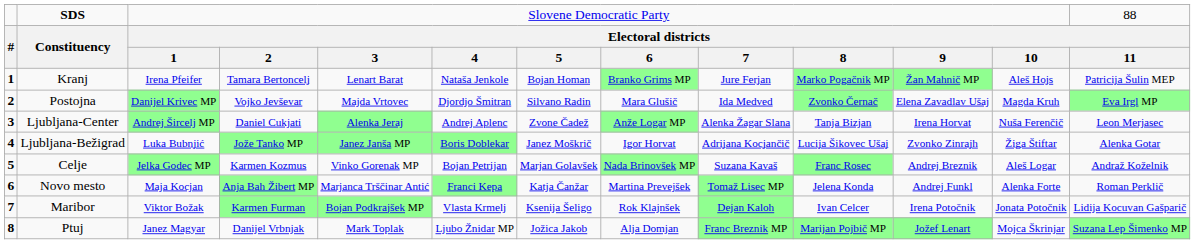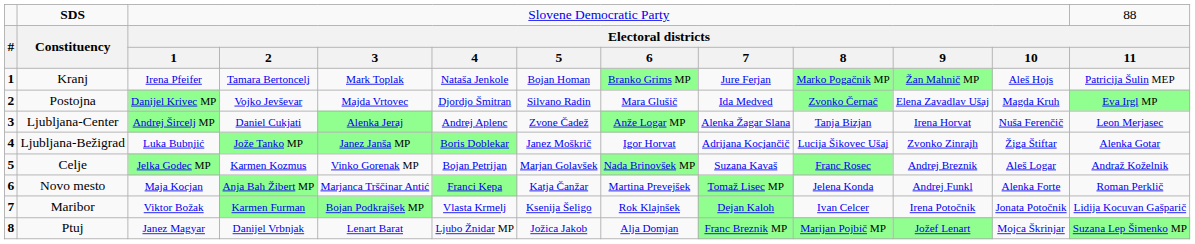 <table class="wikitable" style="text-align: center;">
 <tr>
 <td style="background:"></td>
 <td><strong>SDS</strong></td>
 <td colspan="10"><a href='#'>Slovene Democratic Party</a><br></td>
 <td>88<br></td>
 </tr>
 <tr>
 <th rowspan="2">#</th>
 <th rowspan="2">Constituency</th>
 <th colspan="11">Electoral districts</th>
 </tr>
 <tr>
 <th>1</th>
 <th>2</th>
 <th>3</th>
 <th>4</th>
 <th>5</th>
 <th>6</th>
 <th>7</th>
 <th>8</th>
 <th>9</th>
 <th>10</th>
 <th>11</th>
 </tr>
 <tr>
 <td style="text-align:center;"><strong>1</strong></td>
 <td>Kranj</td>
 <td><a href='#'><small>Irena Pfeifer</small></a></td>
 <td><a href='#'><small>Tamara Bertoncelj</small></a></td>
-<td><a href='#'><small>Lenart Barat</small></a></td>
+<td><a href='#'><small>Mark Toplak</small></a></td>
 <td><a href='#'><small>Nataša Jenkole</small></a></td>
 <td><a href='#'><small>Bojan Homan</small></a></td>
 <td style="background:#90FF90;"><small><a href='#'>Branko Grims</a> MP</small></td>
 <td><a href='#'><small>Jure Ferjan</small></a></td>
 <td style="background:#90FF90;"><small><a href='#'>Marko Pogačnik</a> MP</small></td>
 <td style="background:#90FF90;"><small><a href='#'>Žan Mahnič</a> MP</small></td>
 <td><a href='#'><small>Aleš Hojs</small></a></td>
 <td><small><a href='#'>Patricija Šulin</a> MEP</small></td>
 </tr>
 <tr>
 <td style="text-align:center;"><strong>2</strong></td>
 <td>Postojna</td>
 <td style="background:#90FF90;"><small><a href='#'>Danijel Krivec</a> MP</small></td>
 <td><a href='#'><small>Vojko Jevševar</small></a></td>
 <td><a href='#'><small>Majda Vrtovec</small></a></td>
 <td><a href='#'><small>Djordjo Šmitran</small></a></td>
 <td><a href='#'><small>Silvano Radin</small></a></td>
 <td><a href='#'><small>Mara Glušič</small></a></td>
 <td><a href='#'><small>Ida Medved</small></a></td>
 <td style="background:#90FF90;"><a href='#'><small>Zvonko Černač</small></a></td>
 <td><a href='#'><small>Elena Zavadlav Ušaj</small></a></td>
 <td><a href='#'><small>Magda Kruh</small></a></td>
 <td style="background:#90FF90;"><small><a href='#'>Eva Irgl</a> MP</small></td>
 </tr>
 <tr>
 <td style="text-align:center;"><strong>3</strong></td>
 <td>Ljubljana-Center</td>
 <td style="background:#90FF90;"><small><a href='#'>Andrej Šircelj</a> MP</small></td>
 <td><a href='#'><small>Daniel Cukjati</small></a></td>
 <td style="background:#90FF90;"><a href='#'><small>Alenka Jeraj</small></a></td>
 <td><a href='#'><small>Andrej Aplenc</small></a></td>
 <td><a href='#'><small>Zvone Čadež</small></a></td>
 <td style="background:#90FF90;"><small><a href='#'>Anže Logar</a> MP</small></td>
 <td><a href='#'><small>Alenka Žagar Slana</small></a></td>
 <td><a href='#'><small>Tanja Bizjan</small></a></td>
 <td><a href='#'><small>Irena Horvat</small></a></td>
 <td><a href='#'><small>Nuša Ferenčič</small></a></td>
 <td><a href='#'><small>Leon Merjasec</small></a></td>
 </tr>
 <tr>
 <td style="text-align:center;"><strong>4</strong></td>
 <td>Ljubljana-Bežigrad</td>
 <td><a href='#'><small>Luka Bubnjić</small></a></td>
 <td style="background:#90FF90;"><small><a href='#'>Jože Tanko</a> MP</small></td>
 <td style="background:#90FF90;"><small><a href='#'>Janez Janša</a> MP</small></td>
 <td style="background:#90FF90;"><a href='#'><small>Boris Doblekar</small></a></td>
 <td><a href='#'><small>Janez Moškrič</small></a></td>
 <td><a href='#'><small>Igor Horvat</small></a></td>
 <td><a href='#'><small>Adrijana Kocjančič</small></a></td>
 <td><a href='#'><small>Lucija Šikovec Ušaj</small></a></td>
 <td><a href='#'><small>Zvonko Zinrajh</small></a></td>
 <td><a href='#'><small>Žiga Štiftar</small></a></td>
 <td><a href='#'><small>Alenka Gotar</small></a></td>
 </tr>
 <tr>
 <td style="text-align:center;"><strong>5</strong></td>
 <td>Celje</td>
 <td style="background:#90FF90;"><small><a href='#'>Jelka Godec</a> MP</small></td>
 <td><a href='#'><small>Karmen Kozmus</small></a></td>
 <td><small><a href='#'>Vinko Gorenak</a> MP</small></td>
 <td><a href='#'><small>Bojan Petrijan</small></a></td>
 <td><a href='#'><small>Marjan Golavšek</small></a></td>
 <td style="background:#90FF90;"><small><a href='#'>Nada Brinovšek</a> MP</small></td>
 <td><a href='#'><small>Suzana Kavaš</small></a></td>
 <td style="background:#90FF90;"><a href='#'><small>Franc Rosec</small></a></td>
 <td><a href='#'><small>Andrej Breznik</small></a></td>
 <td><a href='#'><small>Aleš Logar</small></a></td>
 <td><a href='#'><small>Andraž Koželnik</small></a></td>
 </tr>
 <tr>
 <td style="text-align:center;"><strong>6</strong></td>
 <td>Novo mesto</td>
 <td><a href='#'><small>Maja Kocjan</small></a></td>
 <td style="background:#90FF90;"><small><a href='#'>Anja Bah Žibert</a> MP</small></td>
 <td><a href='#'><small>Marjanca Trščinar Antić</small></a></td>
 <td style="background:#90FF90;"><a href='#'><small>Franci Kepa</small></a></td>
 <td><a href='#'><small>Katja Čanžar</small></a></td>
 <td><a href='#'><small>Martina Prevejšek</small></a></td>
 <td style="background:#90FF90;"><small><a href='#'>Tomaž Lisec</a> MP</small></td>
 <td><a href='#'><small>Jelena Konda</small></a></td>
 <td><a href='#'><small>Andrej Funkl</small></a></td>
 <td><a href='#'><small>Alenka Forte</small></a></td>
 <td><a href='#'><small>Roman Perklič</small></a></td>
 </tr>
 <tr>
 <td style="text-align:center;"><strong>7</strong></td>
 <td>Maribor</td>
 <td><a href='#'><small>Viktor Božak</small></a></td>
 <td style="background:#90FF90;"><a href='#'><small>Karmen Furman</small></a></td>
 <td style="background:#90FF90;"><small><a href='#'>Bojan Podkrajšek</a> MP</small></td>
 <td><a href='#'><small>Vlasta Krmelj</small></a></td>
 <td><a href='#'><small>Ksenija Šeligo</small></a></td>
 <td><a href='#'><small>Rok Klajnšek</small></a></td>
 <td style="background:#90FF90;"><a href='#'><small>Dejan Kaloh</small></a></td>
 <td><a href='#'><small>Ivan Celcer</small></a></td>
 <td><a href='#'><small>Irena Potočnik</small></a></td>
 <td><a href='#'><small>Jonata Potočnik</small></a></td>
 <td><a href='#'><small>Lidija Kocuvan Gašparič</small></a></td>
 </tr>
 <tr>
 <td style="text-align:center;"><strong>8</strong></td>
 <td>Ptuj</td>
 <td><a href='#'><small>Janez Magyar</small></a></td>
 <td><a href='#'><small>Danijel Vrbnjak</small></a></td>
-<td><a href='#'><small>Mark Toplak</small></a></td>
+<td><a href='#'><small>Lenart Barat</small></a></td>
 <td><small><a href='#'>Ljubo Žnidar</a> MP</small></td>
 <td><a href='#'><small>Jožica Jakob</small></a></td>
 <td><a href='#'><small>Alja Domjan</small></a></td>
 <td style="background:#90FF90;"><small><a href='#'>Franc Breznik</a> MP</small></td>
 <td style="background:#90FF90;"><small><a href='#'>Marijan Pojbič</a> MP</small></td>
 <td style="background:#90FF90;"><a href='#'><small>Jožef Lenart</small></a></td>
 <td><a href='#'><small>Mojca Škrinjar</small></a></td>
 <td style="background:#90FF90;"><small><a href='#'>Suzana Lep Šimenko</a> MP</small></td>
 </tr>
 </table>
